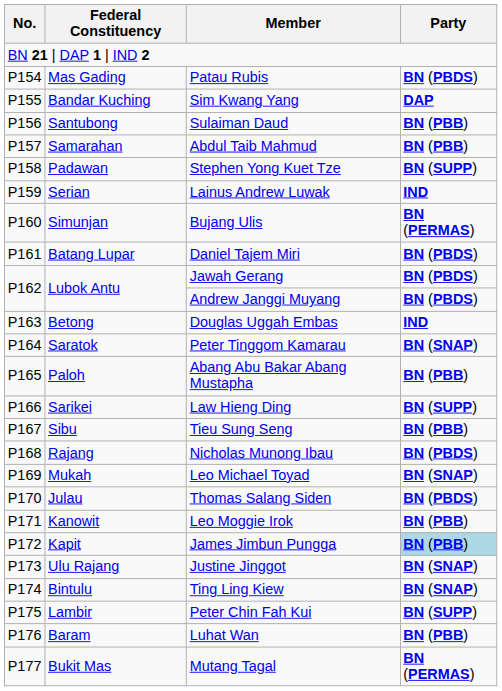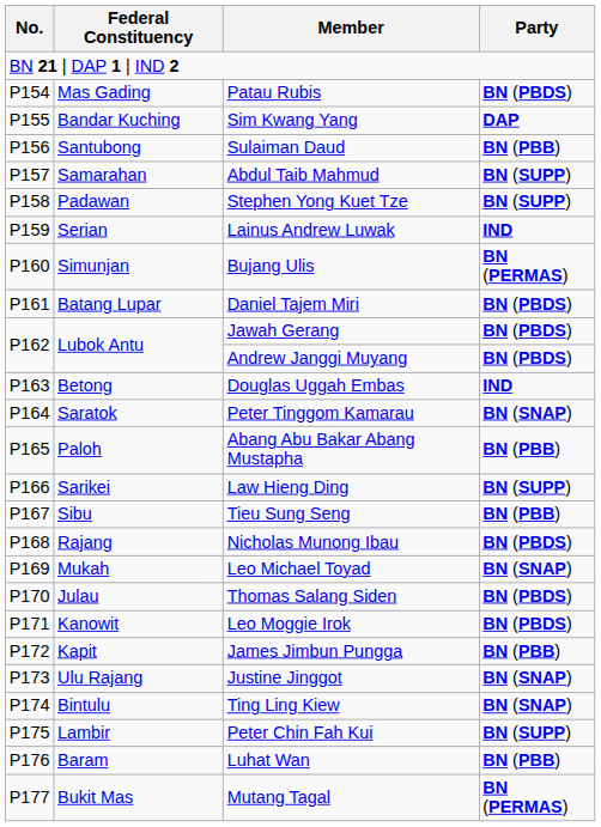 <table class="wikitable sortable">
 <tr>
 <th style="width:30px;">No.</th>
 <th style="width:150px;">Federal Constituency</th>
 <th style="width:230px;">Member</th>
 <th style="width:100px;">Party</th>
 </tr>
 <tr>
 <td colspan="4"><a href='#'>BN</a> <strong>21</strong> | <a href='#'>DAP</a> <strong>1</strong> | <a href='#'>IND</a> <strong>2</strong></td>
 </tr>
 <tr>
 <td>P154</td>
 <td><a href='#'>Mas Gading</a></td>
 <td><a href='#'>Patau Rubis</a></td>
 <td><strong><a href='#'>BN</a></strong> (<strong><a href='#'>PBDS</a></strong>)</td>
 </tr>
 <tr>
 <td>P155</td>
 <td><a href='#'>Bandar Kuching</a></td>
 <td><a href='#'>Sim Kwang Yang</a></td>
 <td><strong><a href='#'>DAP</a></strong></td>
 </tr>
 <tr>
 <td>P156</td>
 <td><a href='#'>Santubong</a></td>
 <td><a href='#'>Sulaiman Daud</a></td>
 <td><strong><a href='#'>BN</a></strong> (<strong><a href='#'>PBB</a></strong>)</td>
 </tr>
 <tr>
 <td>P157</td>
 <td><a href='#'>Samarahan</a></td>
 <td><a href='#'>Abdul Taib Mahmud</a></td>
-<td><strong><a href='#'>BN</a></strong> (<strong><a href='#'>PBB</a></strong>)</td>
+<td><strong><a href='#'>BN</a></strong> (<strong><a href='#'>SUPP</a></strong>)</td>
 </tr>
 <tr>
 <td>P158</td>
 <td><a href='#'>Padawan</a></td>
 <td><a href='#'>Stephen Yong Kuet Tze</a></td>
 <td><strong><a href='#'>BN</a></strong> (<strong><a href='#'>SUPP</a></strong>)</td>
 </tr>
 <tr>
 <td>P159</td>
 <td><a href='#'>Serian</a></td>
 <td><a href='#'>Lainus Andrew Luwak</a></td>
 <td><strong><a href='#'>IND</a></strong></td>
 </tr>
 <tr>
 <td>P160</td>
 <td><a href='#'>Simunjan</a></td>
 <td><a href='#'>Bujang Ulis</a></td>
 <td><strong><a href='#'>BN</a></strong> (<strong><a href='#'>PERMAS</a></strong>)</td>
 </tr>
 <tr>
 <td>P161</td>
 <td><a href='#'>Batang Lupar</a></td>
 <td><a href='#'>Daniel Tajem Miri</a></td>
 <td><strong><a href='#'>BN</a></strong> (<strong><a href='#'>PBDS</a></strong>)</td>
 </tr>
 <tr>
 <td rowspan=2>P162</td>
 <td rowspan=2><a href='#'>Lubok Antu</a></td>
 <td><a href='#'>Jawah Gerang</a> </td>
 <td><strong><a href='#'>BN</a></strong> (<strong><a href='#'>PBDS</a></strong>)</td>
 </tr>
 <tr>
 <td><a href='#'>Andrew Janggi Muyang</a> </td>
 <td><strong><a href='#'>BN</a></strong> (<strong><a href='#'>PBDS</a></strong>)</td>
 </tr>
 <tr>
 <td>P163</td>
 <td><a href='#'>Betong</a></td>
 <td><a href='#'>Douglas Uggah Embas</a></td>
 <td><strong><a href='#'>IND</a></strong></td>
 </tr>
 <tr>
 <td>P164</td>
 <td><a href='#'>Saratok</a></td>
 <td><a href='#'>Peter Tinggom Kamarau</a></td>
 <td><strong><a href='#'>BN</a></strong> (<strong><a href='#'>SNAP</a></strong>)</td>
 </tr>
 <tr>
 <td>P165</td>
 <td><a href='#'>Paloh</a></td>
 <td><a href='#'>Abang Abu Bakar Abang Mustapha</a></td>
 <td><strong><a href='#'>BN</a></strong> (<strong><a href='#'>PBB</a></strong>)</td>
 </tr>
 <tr>
 <td>P166</td>
 <td><a href='#'>Sarikei</a></td>
 <td><a href='#'>Law Hieng Ding</a></td>
 <td><strong><a href='#'>BN</a></strong> (<strong><a href='#'>SUPP</a></strong>)</td>
 </tr>
 <tr>
 <td>P167</td>
 <td><a href='#'>Sibu</a></td>
 <td><a href='#'>Tieu Sung Seng</a></td>
 <td><strong><a href='#'>BN</a></strong> (<strong><a href='#'>PBB</a></strong>)</td>
 </tr>
 <tr>
 <td>P168</td>
 <td><a href='#'>Rajang</a></td>
 <td><a href='#'>Nicholas Munong Ibau</a></td>
 <td><strong><a href='#'>BN</a></strong> (<strong><a href='#'>PBDS</a></strong>)</td>
 </tr>
 <tr>
 <td>P169</td>
 <td><a href='#'>Mukah</a></td>
 <td><a href='#'>Leo Michael Toyad</a></td>
 <td><strong><a href='#'>BN</a></strong> (<strong><a href='#'>SNAP</a></strong>)</td>
 </tr>
 <tr>
 <td>P170</td>
 <td><a href='#'>Julau</a></td>
 <td><a href='#'>Thomas Salang Siden</a></td>
 <td><strong><a href='#'>BN</a></strong> (<strong><a href='#'>PBDS</a></strong>)</td>
 </tr>
 <tr>
 <td>P171</td>
 <td><a href='#'>Kanowit</a></td>
 <td><a href='#'>Leo Moggie Irok</a></td>
-<td><strong><a href='#'>BN</a></strong> (<strong><a href='#'>PBB</a></strong>)</td>
+<td><strong><a href='#'>BN</a></strong> (<strong><a href='#'>PBDS</a></strong>)</td>
 </tr>
 <tr>
 <td>P172</td>
 <td><a href='#'>Kapit</a></td>
 <td><a href='#'>James Jimbun Pungga</a></td>
-<td style="background: lightblue;"><strong><a href='#'>BN</a></strong> (<strong><a href='#'>PBB</a></strong>)</td>
+<td><strong><a href='#'>BN</a></strong> (<strong><a href='#'>PBB</a></strong>)</td>
 </tr>
 <tr>
 <td>P173</td>
 <td><a href='#'>Ulu Rajang</a></td>
 <td><a href='#'>Justine Jinggot</a></td>
 <td><strong><a href='#'>BN</a></strong> (<strong><a href='#'>SNAP</a></strong>)</td>
 </tr>
 <tr>
 <td>P174</td>
 <td><a href='#'>Bintulu</a></td>
 <td><a href='#'>Ting Ling Kiew</a></td>
 <td><strong><a href='#'>BN</a></strong> (<strong><a href='#'>SNAP</a></strong>)</td>
 </tr>
 <tr>
 <td>P175</td>
 <td><a href='#'>Lambir</a></td>
 <td><a href='#'>Peter Chin Fah Kui</a></td>
 <td><strong><a href='#'>BN</a></strong> (<strong><a href='#'>SUPP</a></strong>)</td>
 </tr>
 <tr>
 <td>P176</td>
 <td><a href='#'>Baram</a></td>
 <td><a href='#'>Luhat Wan</a></td>
 <td><strong><a href='#'>BN</a></strong> (<strong><a href='#'>PBB</a></strong>)</td>
 </tr>
 <tr>
 <td>P177</td>
 <td><a href='#'>Bukit Mas</a></td>
 <td><a href='#'>Mutang Tagal</a></td>
 <td><strong><a href='#'>BN</a></strong> (<strong><a href='#'>PERMAS</a></strong>)</td>
 </tr>
 </table>
